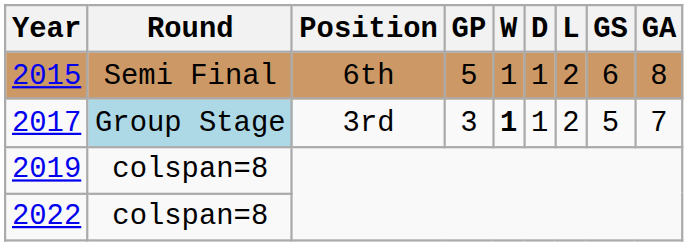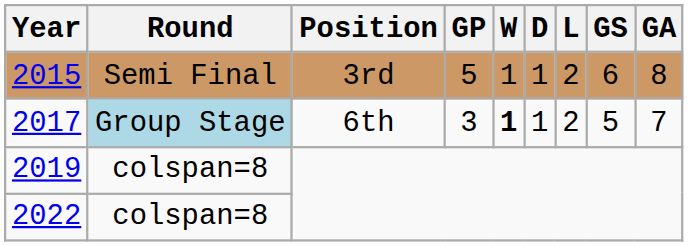 <table class="wikitable" style="text-align:center">
 <tr>
 <th>Year</th>
 <th>Round</th>
 <th>Position</th>
 <th>GP</th>
 <th>W</th>
 <th>D</th>
 <th>L</th>
 <th>GS</th>
 <th>GA</th>
 </tr>
 <tr style="background:#c96">
 <td> <a href='#'>2015</a></td>
 <td>Semi Final</td>
-<td>6th</td>
+<td>3rd</td>
 <td>5</td>
 <td>1</td>
 <td>1</td>
 <td>2</td>
 <td>6</td>
 <td>8</td>
 </tr>
 <tr>
 <td> <a href='#'>2017</a></td>
 <td style="background: lightblue;">Group Stage</td>
-<td>3rd</td>
+<td>6th</td>
 <td>3</td>
 <td><strong>1</strong></td>
 <td>1</td>
 <td>2</td>
 <td>5</td>
 <td>7</td>
 </tr>
 <tr>
 <td> <a href='#'>2019</a></td>
 <td>colspan=8</td>
 </tr>
 <tr>
 <td> <a href='#'>2022</a></td>
 <td>colspan=8</td>
 </tr>
 </table>
